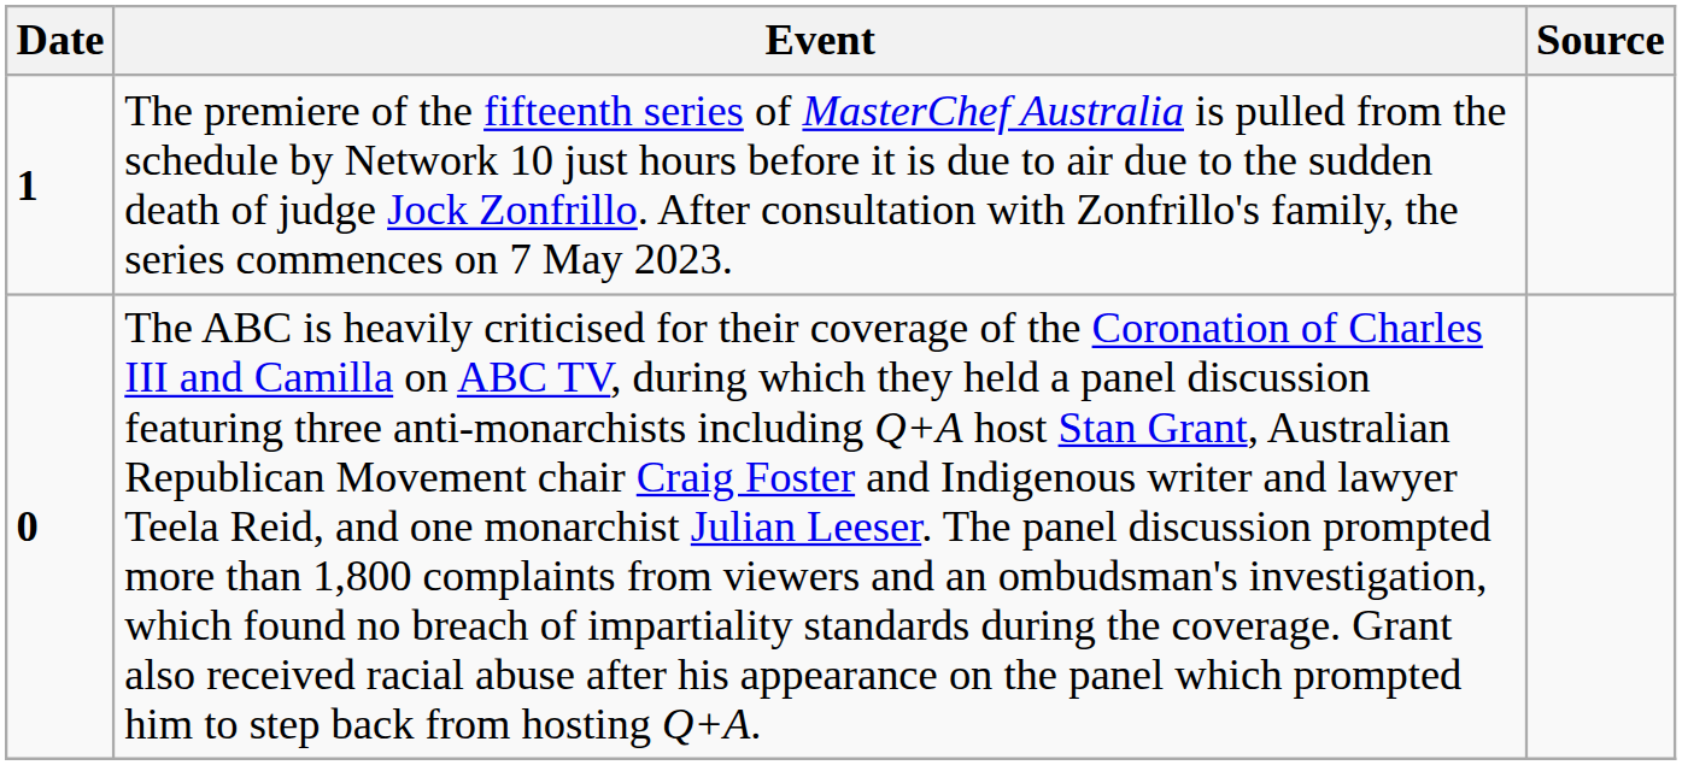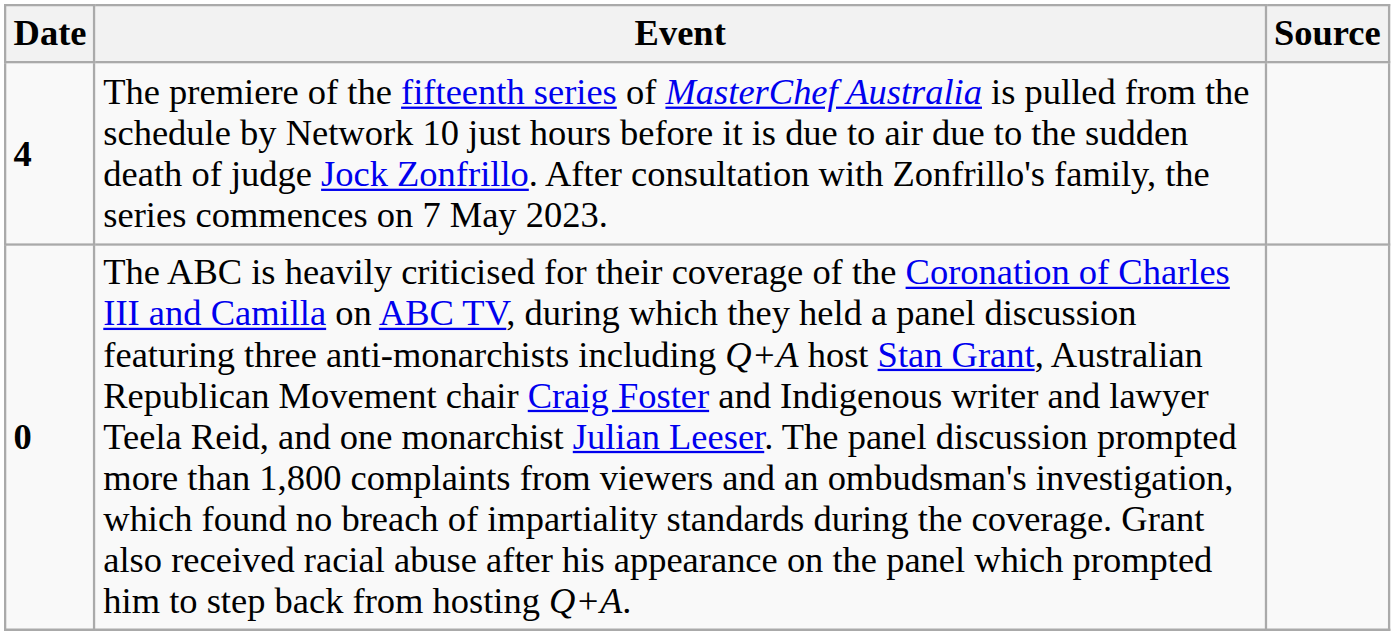 <table class="wikitable">
 <tr>
 <th>Date</th>
 <th>Event</th>
 <th>Source</th>
 </tr>
 <tr>
-<td><strong>1</strong></td>
+<td><strong>4</strong></td>
 <td>The premiere of the <a href='#'>fifteenth series</a> of <em><a href='#'>MasterChef Australia</a></em> is pulled from the schedule by Network 10 just hours before it is due to air due to the sudden death of judge <a href='#'>Jock Zonfrillo</a>. After consultation with Zonfrillo's family, the series commences on 7 May 2023.</td>
 <td></td>
 </tr>
 <tr>
 <td><strong>0</strong></td>
 <td>The ABC is heavily criticised for their coverage of the <a href='#'>Coronation of Charles III and Camilla</a> on <a href='#'>ABC TV</a>, during which they held a panel discussion featuring three anti-monarchists including <em>Q+A</em> host <a href='#'>Stan Grant</a>, Australian Republican Movement chair <a href='#'>Craig Foster</a> and Indigenous writer and lawyer Teela Reid, and one monarchist <a href='#'>Julian Leeser</a>. The panel discussion prompted more than 1,800 complaints from viewers and an ombudsman's investigation, which found no breach of impartiality standards during the coverage. Grant also received racial abuse after his appearance on the panel which prompted him to step back from hosting <em>Q+A</em>.</td>
 <td></td>
 </tr>
 <tr>
 </tr>
 </table>
